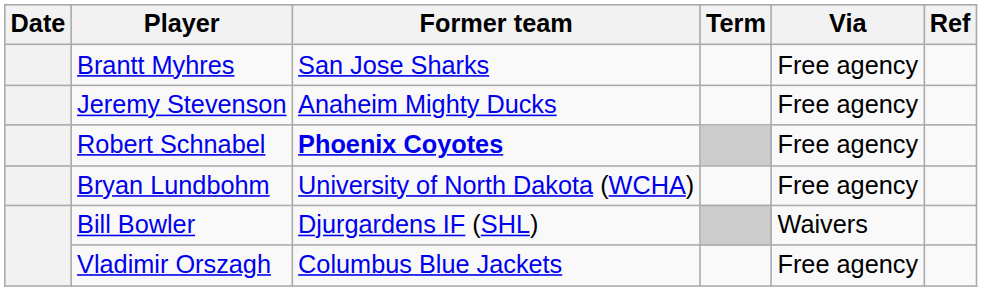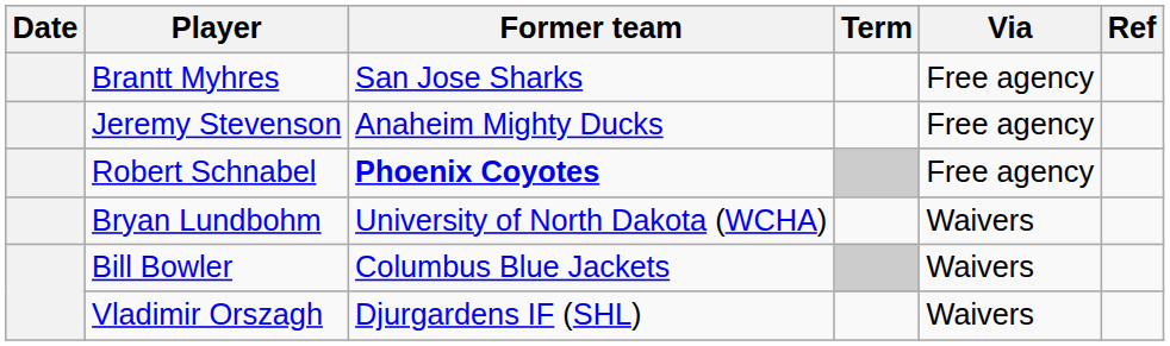 <table class="wikitable plainrowheaders">
 <tr style="background:#ddd; text-align:center;">
 <th>Date</th>
 <th>Player</th>
 <th>Former team</th>
 <th>Term</th>
 <th>Via</th>
 <th>Ref</th>
 </tr>
 <tr>
 <th scope="row"></th>
 <td><a href='#'>Brantt Myhres</a></td>
 <td><a href='#'>San Jose Sharks</a></td>
 <td></td>
 <td>Free agency</td>
 <td></td>
 </tr>
 <tr>
 <th scope="row"></th>
 <td><a href='#'>Jeremy Stevenson</a></td>
 <td><a href='#'>Anaheim Mighty Ducks</a></td>
 <td></td>
 <td>Free agency</td>
 <td></td>
 </tr>
 <tr>
 <th scope="row"></th>
 <td><a href='#'>Robert Schnabel</a></td>
 <td><strong><a href='#'>Phoenix Coyotes</a></strong></td>
 <td style="background:#ccc"></td>
 <td>Free agency</td>
 <td></td>
 </tr>
 <tr>
 <th scope="row"></th>
 <td><a href='#'>Bryan Lundbohm</a></td>
 <td><a href='#'>University of North Dakota</a> (<a href='#'>WCHA</a>)</td>
 <td></td>
-<td>Free agency</td>
+<td>Waivers</td>
 <td></td>
 </tr>
 <tr>
 <th scope="row" rowspan=2></th>
 <td><a href='#'>Bill Bowler</a></td>
-<td><a href='#'>Djurgardens IF</a> (<a href='#'>SHL</a>)</td>
+<td><a href='#'>Columbus Blue Jackets</a></td>
 <td style="background:#ccc"></td>
 <td>Waivers</td>
 <td></td>
 </tr>
 <tr>
 <td><a href='#'>Vladimir Orszagh</a></td>
-<td><a href='#'>Columbus Blue Jackets</a></td>
+<td><a href='#'>Djurgardens IF</a> (<a href='#'>SHL</a>)</td>
 <td></td>
-<td>Free agency</td>
+<td>Waivers</td>
 <td></td>
 </tr>
 </table>
